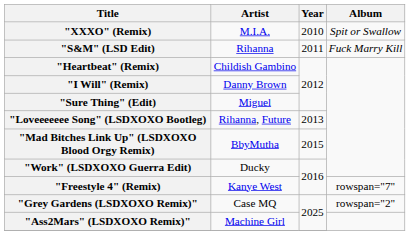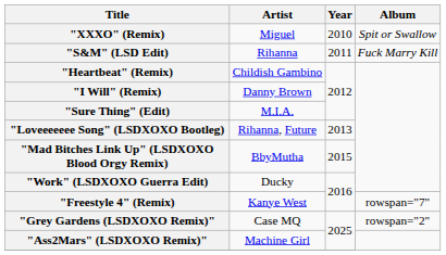 <table class="wikitable plainrowheaders" style="text-align:center;">
 <tr>
 <th scope="col" rowspan="1" style="width:18em;">Title</th>
 <th>Artist</th>
 <th>Year</th>
 <th>Album</th>
 </tr>
 <tr>
 <th scope="row">"XXXO" (Remix)</th>
-<td><a href='#'>M.I.A.</a></td>
+<td><a href='#'>Miguel</a></td>
 <td>2010</td>
 <td><em>Spit or Swallow</em></td>
 </tr>
 <tr>
 <th scope="row">"S&M" (LSD Edit)</th>
 <td><a href='#'>Rihanna</a></td>
 <td>2011</td>
 <td><em>Fuck Marry Kill</em></td>
 </tr>
 <tr>
 <th scope="row">"Heartbeat" (Remix)</th>
 <td><a href='#'>Childish Gambino</a></td>
 <td rowspan="3">2012</td>
 </tr>
 <tr>
 <th scope="row">"I Will" (Remix)</th>
 <td><a href='#'>Danny Brown</a></td>
 </tr>
 <tr>
 <th scope="row">"Sure Thing" (Edit)</th>
-<td><a href='#'>Miguel</a></td>
+<td><a href='#'>M.I.A.</a></td>
 </tr>
 <tr>
 <th scope="row">"Loveeeeeee Song" (LSDXOXO Bootleg)</th>
 <td><a href='#'>Rihanna</a>, <a href='#'>Future</a></td>
 <td>2013</td>
 </tr>
 <tr>
 <th scope="row">"Mad Bitches Link Up" (LSDXOXO Blood Orgy Remix)</th>
 <td><a href='#'>BbyMutha</a></td>
 <td>2015</td>
 </tr>
 <tr>
 <th scope="row">"Work" (LSDXOXO Guerra Edit)</th>
 <td>Ducky</td>
 <td rowspan="2">2016</td>
 </tr>
 <tr>
 <th scope="row">"Freestyle 4" (Remix)</th>
 <td><a href='#'>Kanye West</a></td>
 <td>rowspan="7" </td>
 </tr>
 <tr>
 <th scope="row">"Grey Gardens (LSDXOXO Remix)"</th>
 <td>Case MQ</td>
 <td rowspan="2">2025</td>
 <td>rowspan="2" </td>
 </tr>
 <tr>
 <th scope="row">"Ass2Mars" (LSDXOXO Remix)"</th>
 <td><a href='#'>Machine Girl</a></td>
 </tr>
 <tr>
 </tr>
 </table>
